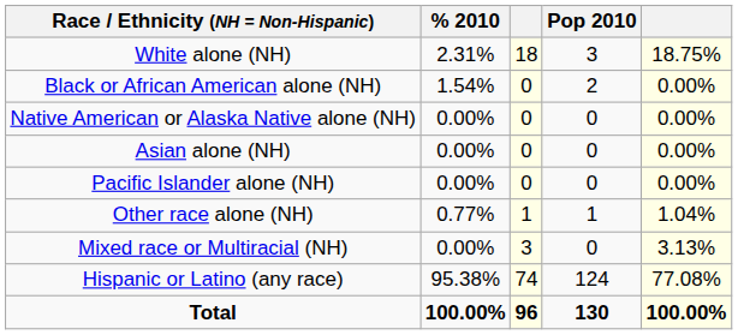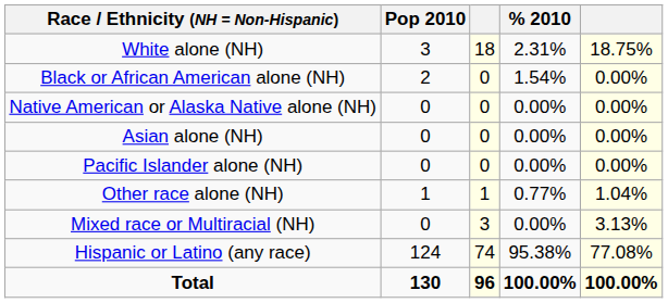 <table class="wikitable" style="text-align:center;">
 <tr>
 <th>Race / Ethnicity <small>(<em>NH = Non-Hispanic</em>)</small></th>
+<th>Pop 2010</th>
+<th></th>
 <th>% 2010</th>
-<th></th>
-<th>Pop 2010</th>
 <th></th>
 </tr>
 <tr>
 <td><a href='#'>White</a> alone (NH)</td>
+<td>3</td>
+<td style='background: #ffffe6;'>18</td>
 <td>2.31%</td>
-<td style='background: #ffffe6;'>18</td>
-<td>3</td>
 <td style='background: #ffffe6;'>18.75%</td>
 </tr>
 <tr>
 <td><a href='#'>Black or African American</a> alone (NH)</td>
+<td>2</td>
+<td style='background: #ffffe6;'>0</td>
 <td>1.54%</td>
-<td style='background: #ffffe6;'>0</td>
-<td>2</td>
 <td style='background: #ffffe6;'>0.00%</td>
 </tr>
 <tr>
 <td><a href='#'>Native American</a> or <a href='#'>Alaska Native</a> alone (NH)</td>
+<td>0</td>
+<td style='background: #ffffe6;'>0</td>
 <td>0.00%</td>
-<td style='background: #ffffe6;'>0</td>
-<td>0</td>
 <td style='background: #ffffe6;'>0.00%</td>
 </tr>
 <tr>
 <td><a href='#'>Asian</a> alone (NH)</td>
+<td>0</td>
+<td style='background: #ffffe6;'>0</td>
 <td>0.00%</td>
-<td style='background: #ffffe6;'>0</td>
-<td>0</td>
 <td style='background: #ffffe6;'>0.00%</td>
 </tr>
 <tr>
 <td><a href='#'>Pacific Islander</a> alone (NH)</td>
+<td>0</td>
+<td style='background: #ffffe6;'>0</td>
 <td>0.00%</td>
-<td style='background: #ffffe6;'>0</td>
-<td>0</td>
 <td style='background: #ffffe6;'>0.00%</td>
 </tr>
 <tr>
 <td><a href='#'>Other race</a> alone (NH)</td>
+<td>1</td>
+<td style='background: #ffffe6;'>1</td>
 <td>0.77%</td>
-<td style='background: #ffffe6;'>1</td>
-<td>1</td>
 <td style='background: #ffffe6;'>1.04%</td>
 </tr>
 <tr>
 <td><a href='#'>Mixed race or Multiracial</a> (NH)</td>
+<td>0</td>
+<td style='background: #ffffe6;'>3</td>
 <td>0.00%</td>
-<td style='background: #ffffe6;'>3</td>
-<td>0</td>
 <td style='background: #ffffe6;'>3.13%</td>
 </tr>
 <tr>
 <td><a href='#'>Hispanic or Latino</a> (any race)</td>
+<td>124</td>
+<td style='background: #ffffe6;'>74</td>
 <td>95.38%</td>
-<td style='background: #ffffe6;'>74</td>
-<td>124</td>
 <td style='background: #ffffe6;'>77.08%</td>
 </tr>
 <tr>
 <td><strong>Total</strong></td>
+<td><strong>130</strong></td>
+<td style='background: #ffffe6;'><strong>96</strong></td>
 <td><strong>100.00%</strong></td>
-<td style='background: #ffffe6;'><strong>96</strong></td>
-<td><strong>130</strong></td>
 <td style='background: #ffffe6;'><strong>100.00%</strong></td>
 </tr>
 </table>
